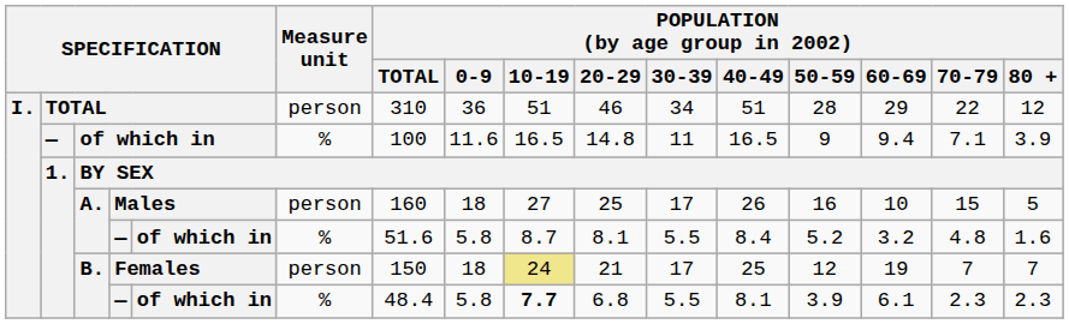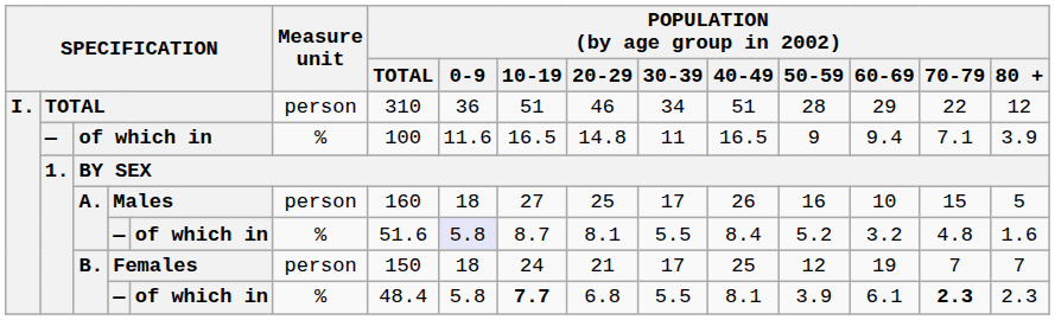 <table class="wikitable" style="font-size:85%; text-align:center">
 <tr>
 <th rowspan="2" colspan="5">SPECIFICATION</th>
 <th rowspan="2">Measure<br> unit</th>
 <th colspan="10" rowspan="1">POPULATION<br> (by age group in 2002)</th>
 </tr>
 <tr>
 <th>TOTAL</th>
 <th>0-9</th>
 <th>10-19</th>
 <th>20-29</th>
 <th>30-39</th>
 <th>40-49</th>
 <th>50-59</th>
 <th>60-69</th>
 <th>70-79</th>
 <th>80 +</th>
 </tr>
 <tr>
 <th style="text-align:left" valign="top" rowspan="7">I.</th>
 <th style="text-align:left" colspan="4">TOTAL</th>
 <td>person</td>
 <td>310</td>
 <td>36</td>
 <td>51</td>
 <td>46</td>
 <td>34</td>
 <td>51</td>
 <td>28</td>
 <td>29</td>
 <td>22</td>
 <td>12</td>
 </tr>
 <tr>
 <th style="text-align:left" valign="top">—</th>
 <th style="text-align:left" colspan="3">of which in</th>
 <td>%</td>
 <td>100</td>
 <td>11.6</td>
 <td>16.5</td>
 <td>14.8</td>
 <td>11</td>
 <td>16.5</td>
 <td>9</td>
 <td>9.4</td>
 <td>7.1</td>
 <td>3.9</td>
 </tr>
 <tr>
 <th style="text-align:left" valign="top" rowspan="5">1.</th>
 <th style="text-align:left" colspan="14">BY SEX</th>
 </tr>
 <tr>
 <th style="text-align:left" valign="top" rowspan="2">A.</th>
 <th style="text-align:left" colspan="2">Males</th>
 <td>person</td>
 <td>160</td>
 <td>18</td>
 <td>27</td>
 <td>25</td>
 <td>17</td>
 <td>26</td>
 <td>16</td>
 <td>10</td>
 <td>15</td>
 <td>5</td>
 </tr>
 <tr>
 <th style="text-align:left" valign="top">—</th>
 <th style="text-align:left" colspan="1">of which in</th>
 <td>%</td>
 <td>51.6</td>
-<td>5.8</td>
+<td style="background: lavender;">5.8</td>
 <td>8.7</td>
 <td>8.1</td>
 <td>5.5</td>
 <td>8.4</td>
 <td>5.2</td>
 <td>3.2</td>
 <td>4.8</td>
 <td>1.6</td>
 </tr>
 <tr>
 <th style="text-align:left" valign="top" rowspan="2">B.</th>
 <th style="text-align:left" colspan="2">Females</th>
 <td>person</td>
 <td>150</td>
 <td>18</td>
-<td style="background: khaki;">24</td>
+<td>24</td>
 <td>21</td>
 <td>17</td>
 <td>25</td>
 <td>12</td>
 <td>19</td>
 <td>7</td>
 <td>7</td>
 </tr>
 <tr>
 <th style="text-align:left" valign="top">—</th>
 <th style="text-align:left" colspan="1">of which in</th>
 <td>%</td>
 <td>48.4</td>
 <td>5.8</td>
 <td><strong>7.7</strong></td>
 <td>6.8</td>
 <td>5.5</td>
 <td>8.1</td>
 <td>3.9</td>
 <td>6.1</td>
-<td>2.3</td>
+<td><strong>2.3</strong></td>
 <td>2.3</td>
 </tr>
 </table>
